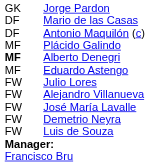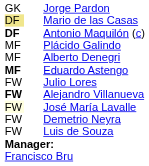 <table style="font-size: 90%" cellspacing="0" cellpadding="0" align=center>
 <tr>
 <th width="25"></th>
 <th width="25"></th>
 </tr>
 <tr>
 <td>GK</td>
 <td></td>
 <td><a href='#'>Jorge Pardon</a></td>
 </tr>
 <tr>
-<td>DF</td>
+<td style="background: khaki;">DF</td>
 <td></td>
 <td><a href='#'>Mario de las Casas</a></td>
 </tr>
 <tr>
-<td>DF</td>
+<td><strong>DF</strong></td>
 <td></td>
 <td><a href='#'>Antonio Maquilón</a> (<a href='#'>c</a>)</td>
 </tr>
 <tr>
 <td>MF</td>
 <td></td>
 <td><a href='#'>Plácido Galindo</a></td>
 </tr>
 <tr>
-<td><strong>MF</strong></td>
+<td>MF</td>
 <td></td>
 <td><a href='#'>Alberto Denegri</a></td>
 </tr>
 <tr>
-<td>MF</td>
+<td><strong>MF</strong></td>
 <td></td>
 <td><a href='#'>Eduardo Astengo</a></td>
 </tr>
 <tr>
 <td>FW</td>
 <td></td>
 <td><a href='#'>Julio Lores</a></td>
 </tr>
 <tr>
-<td>FW</td>
+<td><strong>FW</strong></td>
 <td></td>
 <td><a href='#'>Alejandro Villanueva</a></td>
 </tr>
 <tr>
-<td>FW</td>
+<td style="background: lightyellow;">FW</td>
 <td></td>
 <td><a href='#'>José María Lavalle</a></td>
 </tr>
 <tr>
 <td>FW</td>
 <td></td>
 <td><a href='#'>Demetrio Neyra</a></td>
 </tr>
 <tr>
 <td>FW</td>
 <td></td>
 <td><a href='#'>Luis de Souza</a></td>
 </tr>
 <tr>
 <td colspan=3><strong>Manager:</strong></td>
 </tr>
 <tr>
 <td colspan=4> <a href='#'>Francisco Bru</a></td>
 </tr>
 </table>
